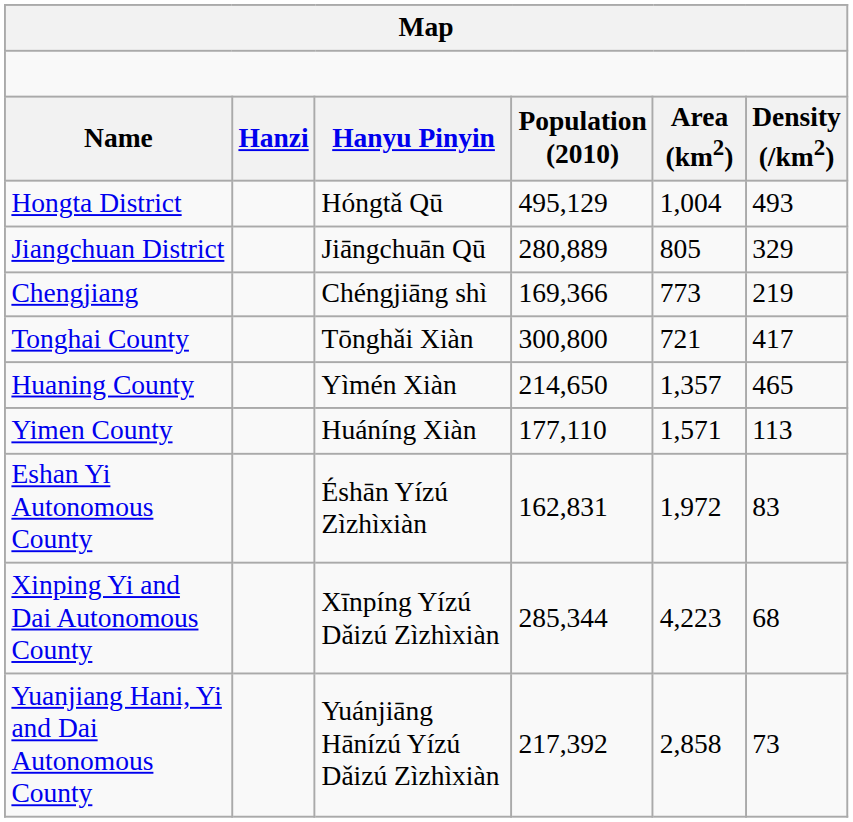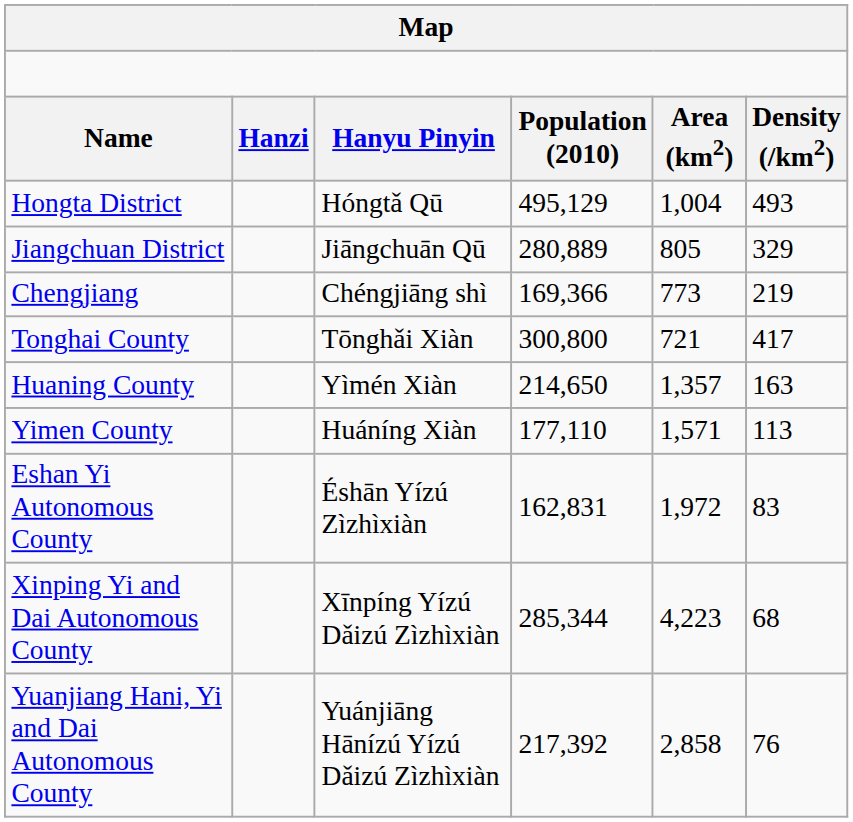 <table class="wikitable"  style="font-size:90%; width:50%;" align=center>
 <tr>
 <th colspan="6" align="center">Map</th>
 </tr>
 <tr>
 <td colspan="6" align="center"><div><br>             </div></td>
 </tr>
 <tr>
 <th>Name</th>
 <th><a href='#'>Hanzi</a></th>
 <th><a href='#'>Hanyu Pinyin</a></th>
 <th>Population<br>(2010)</th>
 <th>Area (km<sup>2</sup>)</th>
 <th>Density<br>(/km<sup>2</sup>)</th>
 </tr>
 <tr --------->
 <td><a href='#'>Hongta District</a></td>
 <td></td>
 <td>Hóngtǎ Qū</td>
 <td>495,129</td>
 <td>1,004</td>
 <td>493</td>
 </tr>
 <tr --------->
 <td><a href='#'>Jiangchuan District</a></td>
 <td></td>
 <td>Jiāngchuān Qū</td>
 <td>280,889</td>
 <td>805</td>
 <td>329</td>
 </tr>
 <tr --------->
 <td><a href='#'>Chengjiang</a></td>
 <td></td>
 <td>Chéngjiāng shì</td>
 <td>169,366</td>
 <td>773</td>
 <td>219</td>
 </tr>
 <tr --------->
 <td><a href='#'>Tonghai County</a></td>
 <td></td>
 <td>Tōnghǎi Xiàn</td>
 <td>300,800</td>
 <td>721</td>
 <td>417</td>
 </tr>
 <tr --------->
 <td><a href='#'>Huaning County</a></td>
 <td></td>
 <td>Yìmén Xiàn</td>
 <td>214,650</td>
 <td>1,357</td>
-<td>465</td>
+<td>163</td>
 </tr>
 <tr --------->
 <td><a href='#'>Yimen County</a></td>
 <td></td>
 <td>Huáníng Xiàn</td>
 <td>177,110</td>
 <td>1,571</td>
 <td>113</td>
 </tr>
 <tr --------->
 <td><a href='#'>Eshan Yi Autonomous County</a></td>
 <td></td>
 <td>Éshān Yízú Zìzhìxiàn</td>
 <td>162,831</td>
 <td>1,972</td>
 <td>83</td>
 </tr>
 <tr --------->
 <td><a href='#'>Xinping Yi and Dai Autonomous County</a></td>
 <td></td>
 <td>Xīnpíng Yízú Dǎizú Zìzhìxiàn</td>
 <td>285,344</td>
 <td>4,223</td>
 <td>68</td>
 </tr>
 <tr --------->
 <td><a href='#'>Yuanjiang Hani, Yi and Dai Autonomous County</a></td>
 <td></td>
 <td>Yuánjiāng Hānízú Yízú Dǎizú Zìzhìxiàn</td>
 <td>217,392</td>
 <td>2,858</td>
-<td>73</td>
+<td>76</td>
 </tr>
 </table>
